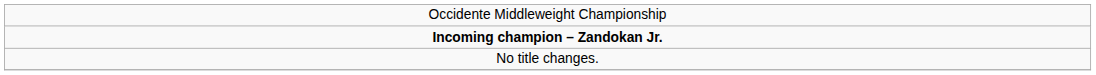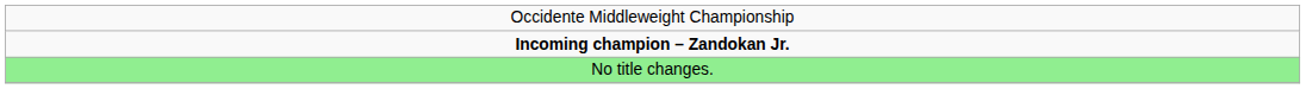 <table class="wikitable" style="text-align:center; width:100%;">
 <tr>
 <td colspan="5" style="text-align: center;">Occidente Middleweight Championship</td>
 </tr>
 <tr>
 <td colspan="5" style="text-align: center;"><strong>Incoming champion – Zandokan Jr.</strong></td>
 </tr>
 <tr>
-<td>No title changes.</td>
+<td style="background: lightgreen;">No title changes.</td>
 </tr>
 <tr>
 </tr>
 </table>
